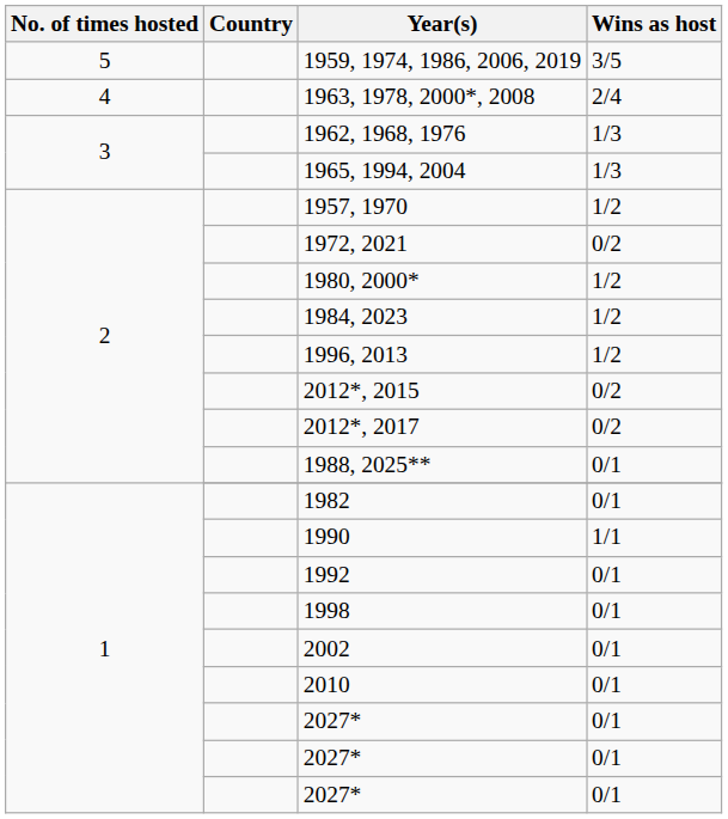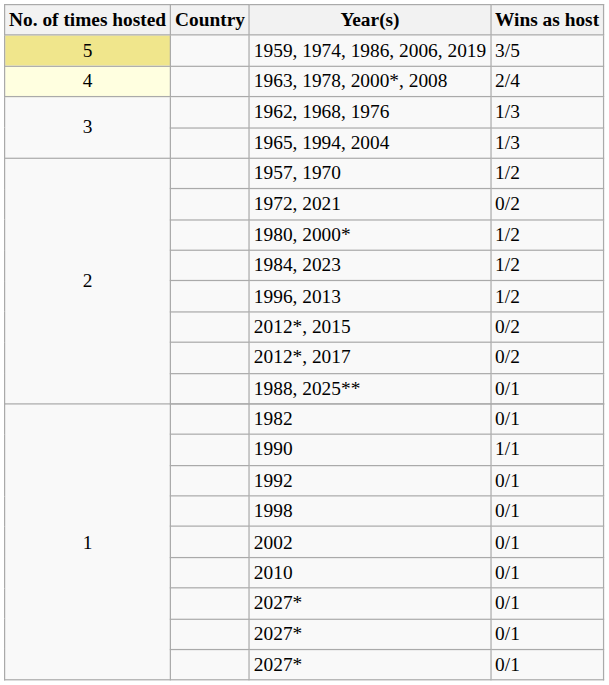 <table class="wikitable">
 <tr>
 <th>No. of times hosted</th>
 <th>Country</th>
 <th>Year(s)</th>
 <th>Wins as host</th>
 </tr>
 <tr>
-<td align=center>5</td>
+<td align=center style="background: khaki;">5</td>
 <td></td>
 <td>1959, 1974, 1986, 2006, 2019</td>
 <td>3/5</td>
 </tr>
 <tr>
-<td align=center>4</td>
+<td align=center style="background: lightyellow;">4</td>
 <td></td>
 <td>1963, 1978, 2000*, 2008</td>
 <td>2/4</td>
 </tr>
 <tr>
 <td align=center rowspan=2>3</td>
 <td></td>
 <td>1962, 1968, 1976</td>
 <td>1/3</td>
 </tr>
 <tr>
 <td></td>
 <td>1965, 1994, 2004</td>
 <td>1/3</td>
 </tr>
 <tr>
 <td align=center rowspan=8>2</td>
 <td></td>
 <td>1957, 1970</td>
 <td>1/2</td>
 </tr>
 <tr>
 <td></td>
 <td>1972, 2021</td>
 <td>0/2</td>
 </tr>
 <tr>
 <td></td>
 <td>1980, 2000*</td>
 <td>1/2</td>
 </tr>
 <tr>
 <td></td>
 <td>1984, 2023</td>
 <td>1/2</td>
 </tr>
 <tr>
 <td></td>
 <td>1996, 2013</td>
 <td>1/2</td>
 </tr>
 <tr>
 <td></td>
 <td>2012*, 2015</td>
 <td>0/2</td>
 </tr>
 <tr>
 <td></td>
 <td>2012*, 2017</td>
 <td>0/2</td>
 </tr>
 <tr>
 <td></td>
 <td>1988, 2025**</td>
 <td>0/1</td>
 </tr>
 <tr>
 <td align=center rowspan=10>1</td>
 </tr>
 <tr>
 <td></td>
 <td>1982</td>
 <td>0/1</td>
 </tr>
 <tr>
 <td></td>
 <td>1990</td>
 <td>1/1</td>
 </tr>
 <tr>
 <td></td>
 <td>1992</td>
 <td>0/1</td>
 </tr>
 <tr>
 <td></td>
 <td>1998</td>
 <td>0/1</td>
 </tr>
 <tr>
 <td></td>
 <td>2002</td>
 <td>0/1</td>
 </tr>
 <tr>
 <td></td>
 <td>2010</td>
 <td>0/1</td>
 </tr>
 <tr>
 <td></td>
 <td>2027*</td>
 <td>0/1</td>
 </tr>
 <tr>
 <td></td>
 <td>2027*</td>
 <td>0/1</td>
 </tr>
 <tr>
 <td></td>
 <td>2027*</td>
 <td>0/1</td>
 </tr>
 </table>
